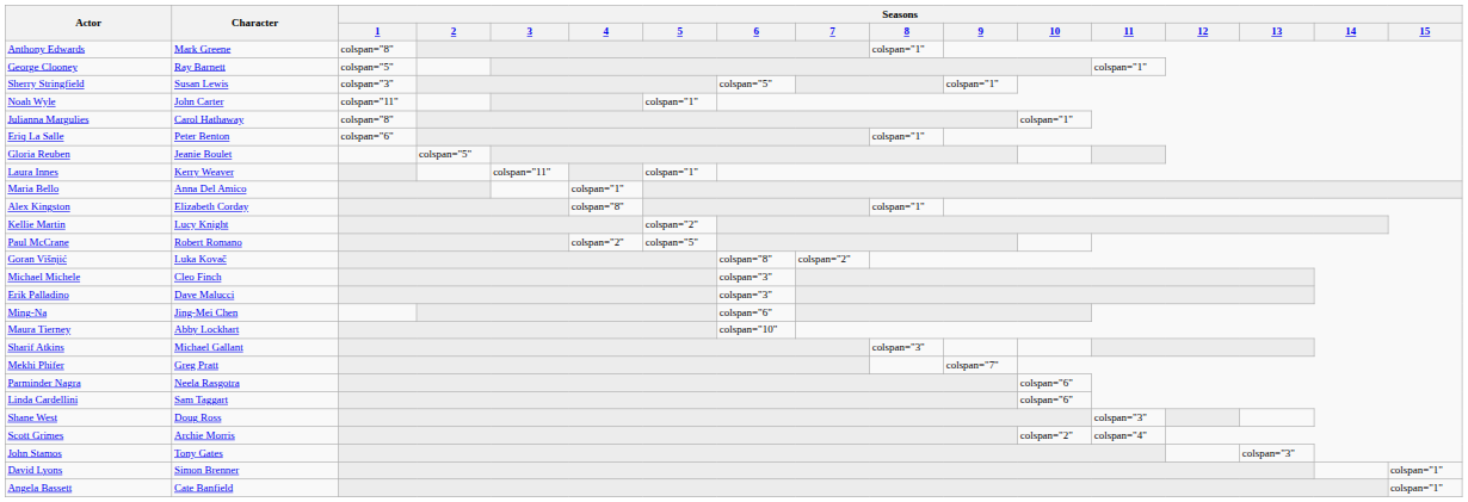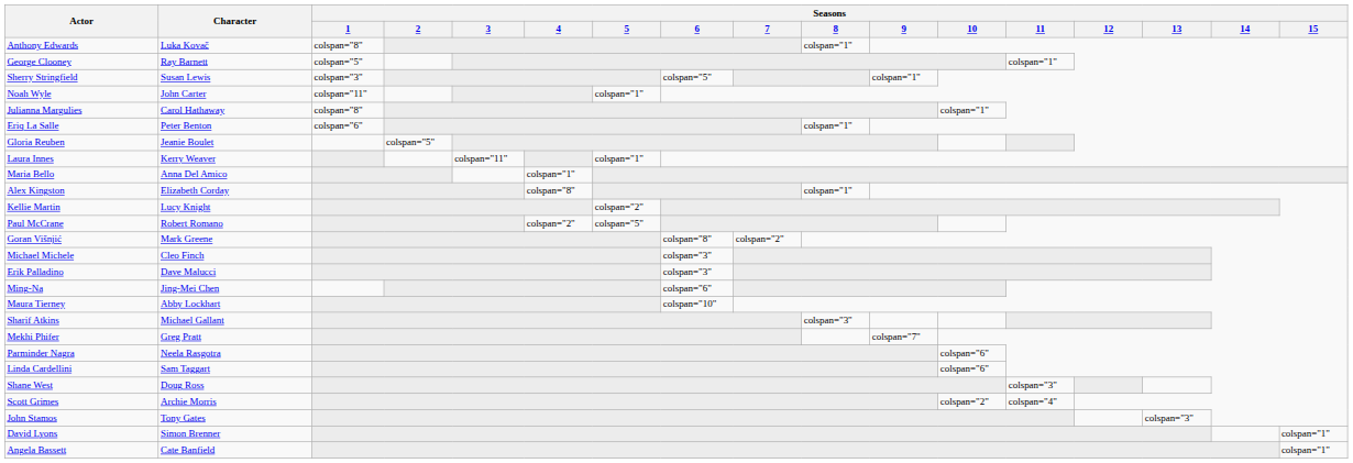 <table class="wikitable sortable"style="text-align:left;font-size:90%">
 <tr>
 <th style="width:9%;" rowspan="2">Actor</th>
 <th style="width:9%;" rowspan="2">Character</th>
 <th colspan="15">Seasons</th>
 </tr>
 <tr>
 <th style="width:4%;"><a href='#'>1</a></th>
 <th style="width:4%;"><a href='#'>2</a></th>
 <th style="width:4%;"><a href='#'>3</a></th>
 <th style="width:4%;"><a href='#'>4</a></th>
 <th style="width:4%;"><a href='#'>5</a></th>
 <th style="width:4%;"><a href='#'>6</a></th>
 <th style="width:4%;"><a href='#'>7</a></th>
 <th style="width:4%;"><a href='#'>8</a></th>
 <th style="width:4%;"><a href='#'>9</a></th>
 <th style="width:4%;"><a href='#'>10</a></th>
 <th style="width:4%;"><a href='#'>11</a></th>
 <th style="width:4%;"><a href='#'>12</a></th>
 <th style="width:4%;"><a href='#'>13</a></th>
 <th style="width:4%;"><a href='#'>14</a></th>
 <th style="width:4%;"><a href='#'>15</a></th>
 </tr>
 <tr>
 <td><a href='#'>Anthony Edwards</a></td>
-<td><a href='#'>Mark Greene</a></td>
+<td><a href='#'>Luka Kovač</a></td>
 <td>colspan="8" </td>
 <td colspan="6" style="background: #ececec; color: grey; vertical-align: middle; text-align: center; " class="table-na"></td>
 <td>colspan="1"  </td>
 </tr>
 <tr>
 <td><a href='#'>George Clooney</a></td>
 <td><a href='#'>Ray Barnett</a></td>
 <td>colspan="5" </td>
 <td></td>
 <td colspan="8" style="background: #ececec; color: grey; vertical-align: middle; text-align: center; " class="table-na"></td>
 <td>colspan="1"  </td>
 </tr>
 <tr>
 <td><a href='#'>Sherry Stringfield</a></td>
 <td><a href='#'>Susan Lewis</a></td>
 <td>colspan="3" </td>
 <td colspan="4" style="background: #ececec; color: grey; vertical-align: middle; text-align: center; " class="table-na"></td>
 <td>colspan="5" </td>
 <td colspan="2" style="background: #ececec; color: grey; vertical-align: middle; text-align: center; " class="table-na"></td>
 <td>colspan="1"  </td>
 </tr>
 <tr>
 <td><a href='#'>Noah Wyle</a></td>
 <td><a href='#'>John Carter</a></td>
 <td>colspan="11" </td>
 <td></td>
 <td colspan="2" style="background: #ececec; color: grey; vertical-align: middle; text-align: center; " class="table-na"></td>
 <td>colspan="1"  </td>
 </tr>
 <tr>
 <td><a href='#'>Julianna Margulies</a></td>
 <td><a href='#'>Carol Hathaway</a></td>
 <td>colspan="8" </td>
 <td colspan="8" style="background: #ececec; color: grey; vertical-align: middle; text-align: center; " class="table-na"></td>
 <td>colspan="1"  </td>
 </tr>
 <tr>
 <td><a href='#'>Eriq La Salle</a></td>
 <td><a href='#'>Peter Benton</a></td>
 <td>colspan="6" </td>
 <td colspan="6" style="background: #ececec; color: grey; vertical-align: middle; text-align: center; " class="table-na"></td>
 <td>colspan="1"  </td>
 </tr>
 <tr>
 <td><a href='#'>Gloria Reuben</a></td>
 <td><a href='#'>Jeanie Boulet</a></td>
 <td></td>
 <td>colspan="5" </td>
 <td colspan="7" style="background: #ececec; color: grey; vertical-align: middle; text-align: center; " class="table-na"></td>
 <td></td>
 <td colspan="1" style="background: #ececec; color: grey; vertical-align: middle; text-align: center; " class="table-na"></td>
 </tr>
 <tr>
 <td><a href='#'>Laura Innes</a></td>
 <td><a href='#'>Kerry Weaver</a></td>
 <td colspan="1" style="background: #ececec; color: grey; vertical-align: middle; text-align: center; " class="table-na"></td>
 <td></td>
 <td>colspan="11" </td>
 <td colspan="1" style="background: #ececec; color: grey; vertical-align: middle; text-align: center; " class="table-na"></td>
 <td>colspan="1"  </td>
 </tr>
 <tr>
 <td><a href='#'>Maria Bello</a></td>
 <td><a href='#'>Anna Del Amico</a></td>
 <td colspan="2" style="background: #ececec; color: grey; vertical-align: middle; text-align: center; " class="table-na"></td>
 <td></td>
 <td>colspan="1" </td>
 <td colspan="11" style="background: #ececec; color: grey; vertical-align: middle; text-align: center; " class="table-na"></td>
 </tr>
 <tr>
 <td><a href='#'>Alex Kingston</a></td>
 <td><a href='#'>Elizabeth Corday</a></td>
 <td colspan="3" style="background: #ececec; color: grey; vertical-align: middle; text-align: center; " class="table-na"></td>
 <td>colspan="8" </td>
 <td colspan="3" style="background: #ececec; color: grey; vertical-align: middle; text-align: center; " class="table-na"></td>
 <td>colspan="1"  </td>
 </tr>
 <tr>
 <td><a href='#'>Kellie Martin</a></td>
 <td><a href='#'>Lucy Knight</a></td>
 <td colspan="4" style="background: #ececec; color: grey; vertical-align: middle; text-align: center; " class="table-na"></td>
 <td>colspan="2" </td>
 <td colspan="9" style="background: #ececec; color: grey; vertical-align: middle; text-align: center; " class="table-na"></td>
 </tr>
 <tr>
 <td><a href='#'>Paul McCrane</a></td>
 <td><a href='#'>Robert Romano</a></td>
 <td colspan="3" style="background: #ececec; color: grey; vertical-align: middle; text-align: center; " class="table-na"></td>
 <td>colspan="2" </td>
 <td>colspan="5" </td>
 <td colspan="4" style="background: #ececec; color: grey; vertical-align: middle; text-align: center; " class="table-na"></td>
 <td></td>
 </tr>
 <tr>
 <td><a href='#'>Goran Višnjić</a></td>
-<td><a href='#'>Luka Kovač</a></td>
+<td><a href='#'>Mark Greene</a></td>
 <td colspan="5" style="background: #ececec; color: grey; vertical-align: middle; text-align: center; " class="table-na"></td>
 <td>colspan="8" </td>
 <td>colspan="2"  </td>
 </tr>
 <tr>
 <td><a href='#'>Michael Michele</a></td>
 <td><a href='#'>Cleo Finch</a></td>
 <td colspan="5" style="background: #ececec; color: grey; vertical-align: middle; text-align: center; " class="table-na"></td>
 <td>colspan="3" </td>
 <td colspan="7" style="background: #ececec; color: grey; vertical-align: middle; text-align: center; " class="table-na"></td>
 </tr>
 <tr>
 <td><a href='#'>Erik Palladino</a></td>
 <td><a href='#'>Dave Malucci</a></td>
 <td colspan="5" style="background: #ececec; color: grey; vertical-align: middle; text-align: center; " class="table-na"></td>
 <td>colspan="3" </td>
 <td colspan="7" style="background: #ececec; color: grey; vertical-align: middle; text-align: center; " class="table-na"></td>
 </tr>
 <tr>
 <td><a href='#'>Ming-Na</a></td>
 <td><a href='#'>Jing-Mei Chen</a></td>
 <td></td>
 <td colspan="4" style="background: #ececec; color: grey; vertical-align: middle; text-align: center; " class="table-na"></td>
 <td>colspan="6" </td>
 <td colspan="4" style="background: #ececec; color: grey; vertical-align: middle; text-align: center; " class="table-na"></td>
 </tr>
 <tr>
 <td><a href='#'>Maura Tierney</a></td>
 <td><a href='#'>Abby Lockhart</a></td>
 <td colspan="5" style="background: #ececec; color: grey; vertical-align: middle; text-align: center; " class="table-na"></td>
 <td>colspan="10" </td>
 </tr>
 <tr>
 <td><a href='#'>Sharif Atkins</a></td>
 <td><a href='#'>Michael Gallant</a></td>
 <td colspan="7" style="background: #ececec; color: grey; vertical-align: middle; text-align: center; " class="table-na"></td>
 <td>colspan="3" </td>
 <td></td>
 <td></td>
 <td colspan="3" style="background: #ececec; color: grey; vertical-align: middle; text-align: center; " class="table-na"></td>
 </tr>
 <tr>
 <td><a href='#'>Mekhi Phifer</a></td>
 <td><a href='#'>Greg Pratt</a></td>
 <td colspan="7" style="background: #ececec; color: grey; vertical-align: middle; text-align: center; " class="table-na"></td>
 <td></td>
 <td>colspan="7" </td>
 </tr>
 <tr>
 <td><a href='#'>Parminder Nagra</a></td>
 <td><a href='#'>Neela Rasgotra</a></td>
 <td colspan="9" style="background: #ececec; color: grey; vertical-align: middle; text-align: center; " class="table-na"></td>
 <td>colspan="6" </td>
 </tr>
 <tr>
 <td><a href='#'>Linda Cardellini</a></td>
 <td><a href='#'>Sam Taggart</a></td>
 <td colspan="9" style="background: #ececec; color: grey; vertical-align: middle; text-align: center; " class="table-na"></td>
 <td>colspan="6" </td>
 </tr>
 <tr>
 <td><a href='#'>Shane West</a></td>
 <td><a href='#'>Doug Ross</a></td>
 <td colspan="10" style="background: #ececec; color: grey; vertical-align: middle; text-align: center; " class="table-na"></td>
 <td>colspan="3" </td>
 <td colspan="1" style="background: #ececec; color: grey; vertical-align: middle; text-align: center; " class="table-na"></td>
 <td></td>
 </tr>
 <tr>
 <td><a href='#'>Scott Grimes</a></td>
 <td><a href='#'>Archie Morris</a></td>
 <td colspan="9" style="background: #ececec; color: grey; vertical-align: middle; text-align: center; " class="table-na"></td>
 <td>colspan="2" </td>
 <td>colspan="4" </td>
 </tr>
 <tr>
 <td><a href='#'>John Stamos</a></td>
 <td><a href='#'>Tony Gates</a></td>
 <td colspan="11" style="background: #ececec; color: grey; vertical-align: middle; text-align: center; " class="table-na"></td>
 <td></td>
 <td>colspan="3" </td>
 </tr>
 <tr>
 <td><a href='#'>David Lyons</a></td>
 <td><a href='#'>Simon Brenner</a></td>
 <td colspan="13" style="background: #ececec; color: grey; vertical-align: middle; text-align: center; " class="table-na"></td>
 <td></td>
 <td>colspan="1" </td>
 </tr>
 <tr>
 <td><a href='#'>Angela Bassett</a></td>
 <td><a href='#'>Cate Banfield</a></td>
 <td colspan="14" style="background: #ececec; color: grey; vertical-align: middle; text-align: center; " class="table-na"></td>
 <td>colspan="1" </td>
 </tr>
 </table>
